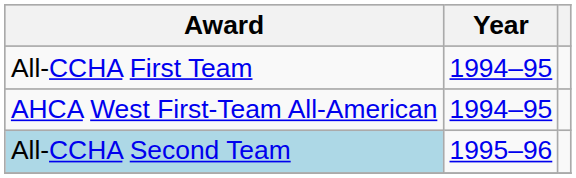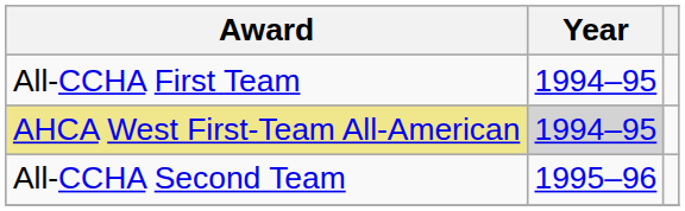 <table class="wikitable">
 <tr>
 <th>Award</th>
 <th>Year</th>
 <th></th>
 </tr>
 <tr>
 <td>All-<a href='#'>CCHA</a> <a href='#'>First Team</a></td>
 <td><a href='#'>1994–95</a></td>
 <td></td>
 </tr>
 <tr>
-<td><a href='#'>AHCA</a> <a href='#'>West First-Team All-American</a></td>
-<td><a href='#'>1994–95</a></td>
+<td style="background: khaki;"><a href='#'>AHCA</a> <a href='#'>West First-Team All-American</a></td>
+<td style="background: lightgrey;"><a href='#'>1994–95</a></td>
 <td></td>
 </tr>
 <tr>
-<td style="background: lightblue;">All-<a href='#'>CCHA</a> <a href='#'>Second Team</a></td>
+<td>All-<a href='#'>CCHA</a> <a href='#'>Second Team</a></td>
 <td><a href='#'>1995–96</a></td>
 <td></td>
 </tr>
 <tr>
 </tr>
 </table>
